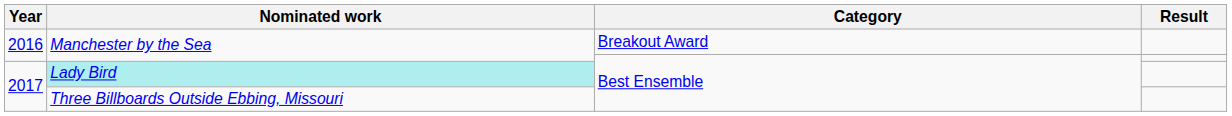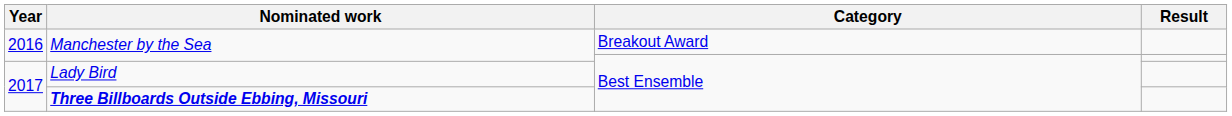 <table class="wikitable">
 <tr>
 <th scope="col" style="width:1em;">Year</th>
 <th scope="col" style="width:35em;">Nominated work</th>
 <th scope="col" style="width:35em;">Category</th>
 <th scope="col" style="width:5em;">Result</th>
 </tr>
 <tr>
 <td rowspan="2"><a href='#'>2016</a></td>
 <td rowspan="2"><em><a href='#'>Manchester by the Sea</a></em></td>
 <td><a href='#'>Breakout Award</a></td>
 <td></td>
 </tr>
 <tr>
 <td rowspan="3"><a href='#'>Best Ensemble</a></td>
 <td></td>
 </tr>
 <tr>
 <td rowspan="2"><a href='#'>2017</a></td>
-<td style="background: paleturquoise;"><em><a href='#'>Lady Bird</a></em></td>
+<td><em><a href='#'>Lady Bird</a></em></td>
 <td></td>
 </tr>
 <tr>
-<td><em><a href='#'>Three Billboards Outside Ebbing, Missouri</a></em></td>
+<td><strong><em><a href='#'>Three Billboards Outside Ebbing, Missouri</a></em></strong></td>
 <td></td>
 </tr>
 </table>
